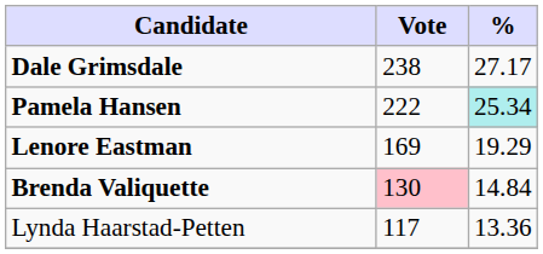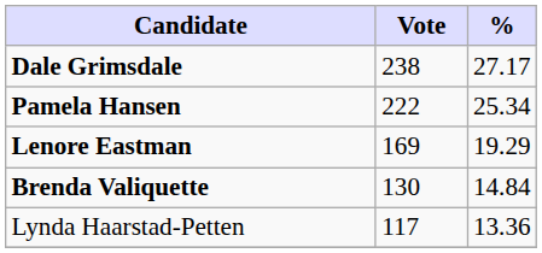 <table class="wikitable">
 <tr>
 <th style="background:#ddf; width:225px;">Candidate</th>
 <th style="background:#ddf; width:50px;">Vote</th>
 <th style="background:#ddf; width:30px;">%</th>
 </tr>
 <tr>
 <td><strong>Dale Grimsdale</strong></td>
 <td>238</td>
 <td>27.17</td>
 </tr>
 <tr>
 <td><strong>Pamela Hansen</strong></td>
 <td>222</td>
-<td style="background: paleturquoise;">25.34</td>
+<td>25.34</td>
 </tr>
 <tr>
 <td><strong>Lenore Eastman</strong></td>
 <td>169</td>
 <td>19.29</td>
 </tr>
 <tr>
 <td><strong>Brenda Valiquette</strong></td>
-<td style="background: pink;">130</td>
+<td>130</td>
 <td>14.84</td>
 </tr>
 <tr>
 <td>Lynda Haarstad-Petten</td>
 <td>117</td>
 <td>13.36</td>
 </tr>
 <tr>
 </tr>
 </table>
